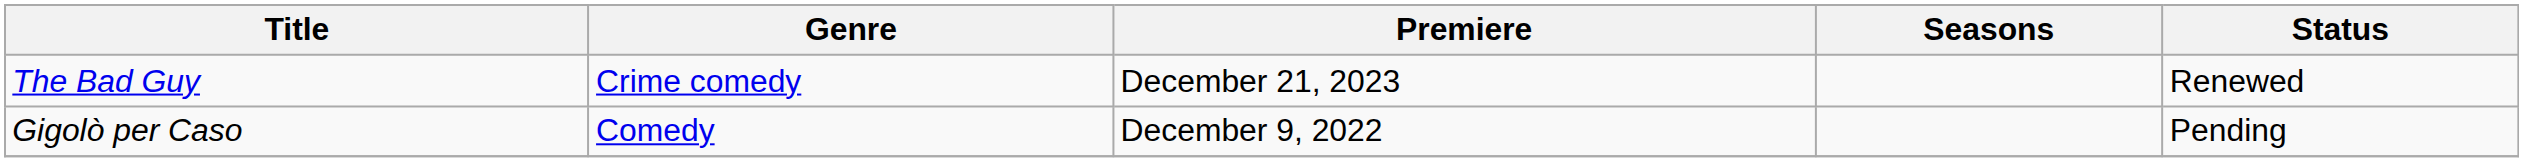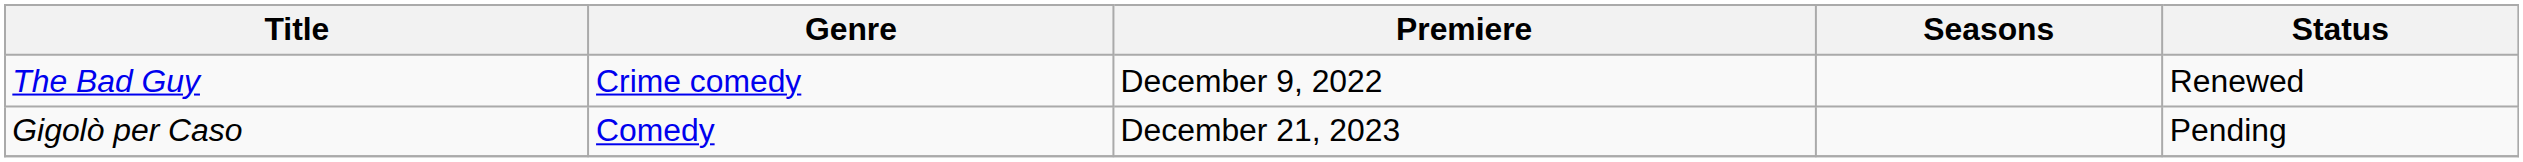 <table class="wikitable sortable" style="width:100%;">
 <tr>
 <th>Title</th>
 <th>Genre</th>
 <th>Premiere</th>
 <th>Seasons</th>
 <th>Status</th>
 </tr>
 <tr>
 <td><em><a href='#'>The Bad Guy</a></em></td>
 <td><a href='#'>Crime comedy</a></td>
-<td>December 21, 2023</td>
+<td>December 9, 2022</td>
 <td></td>
 <td>Renewed</td>
 </tr>
 <tr>
 <td><em>Gigolò per Caso</em></td>
 <td><a href='#'>Comedy</a></td>
-<td>December 9, 2022</td>
+<td>December 21, 2023</td>
 <td></td>
 <td>Pending</td>
 </tr>
 <tr>
 </tr>
 </table>
